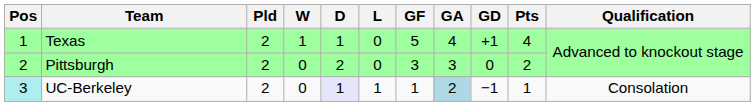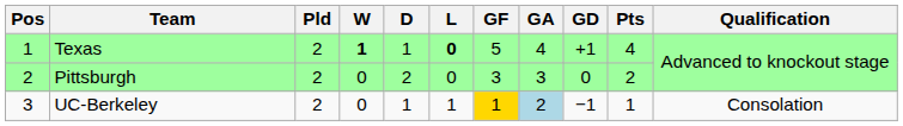 <table class="wikitable" style="text-align:center; margin: 1em auto">
 <tr>
 <th style="width:2em">Pos</th>
 <th style="width:13em">Team</th>
 <th style="width:2em">Pld</th>
 <th style="width:2em">W</th>
 <th style="width:2em">D</th>
 <th style="width:2em">L</th>
 <th style="width:2em">GF</th>
 <th style="width:2em">GA</th>
 <th style="width:2em">GD</th>
 <th style="width:2em">Pts</th>
 <th style="width:13em">Qualification</th>
 </tr>
 <tr bgcolor="#9eff9e">
 <td>1</td>
 <td style="text-align:left">Texas</td>
 <td>2</td>
+<td><strong>1</strong></td>
 <td>1</td>
-<td>1</td>
-<td>0</td>
+<td><strong>0</strong></td>
 <td>5</td>
 <td>4</td>
 <td>+1</td>
 <td>4</td>
 <td rowspan="2">Advanced to knockout stage</td>
 </tr>
 <tr bgcolor="#9eff9e">
 <td>2</td>
 <td style="text-align:left">Pittsburgh</td>
 <td>2</td>
 <td>0</td>
 <td>2</td>
 <td>0</td>
 <td>3</td>
 <td>3</td>
 <td>0</td>
 <td>2</td>
 </tr>
 <tr>
-<td style="background: paleturquoise;">3</td>
+<td>3</td>
 <td style="text-align:left">UC-Berkeley</td>
 <td>2</td>
 <td>0</td>
-<td style="background: lavender;">1</td>
 <td>1</td>
 <td>1</td>
+<td style="background: gold;">1</td>
 <td style="background: lightblue;">2</td>
 <td>−1</td>
 <td>1</td>
 <td>Consolation</td>
 </tr>
 </table>
